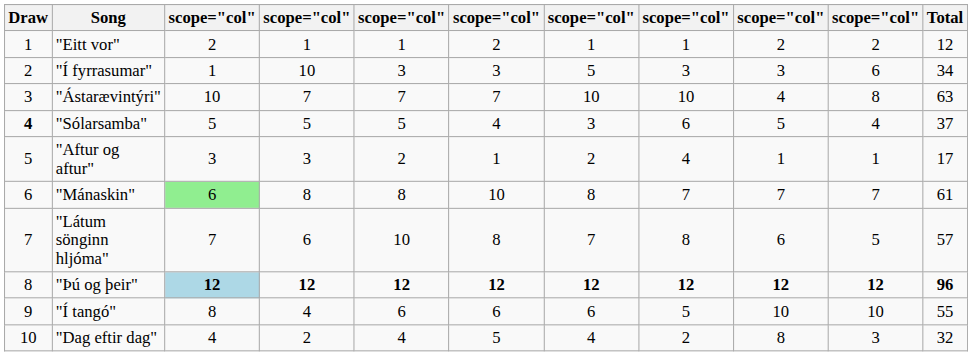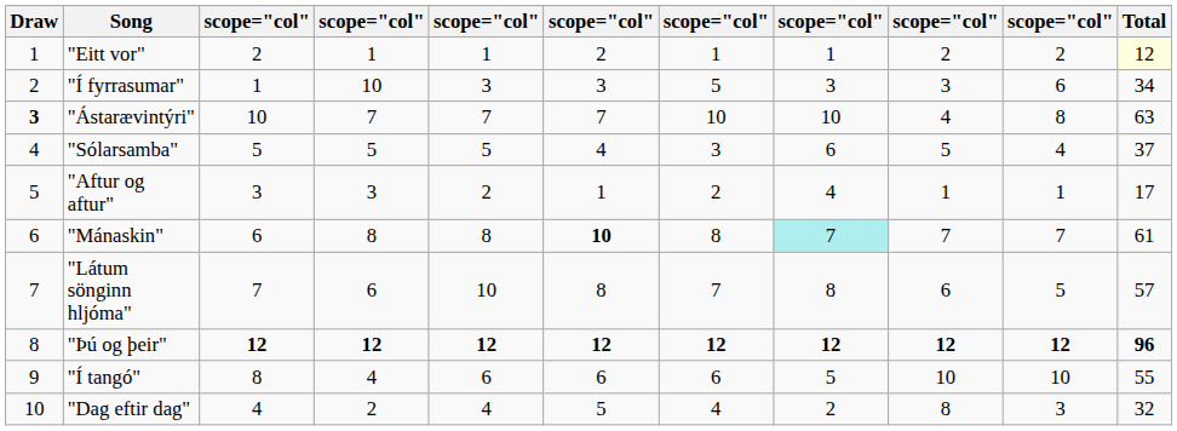 <table class="wikitable plainrowheaders" style="margin: 1em auto 1em auto; text-align:center;">
 <tr>
 </tr>
 <tr>
 <th scope="col">Draw</th>
 <th scope="col">Song</th>
 <th>scope="col" </th>
 <th>scope="col" </th>
 <th>scope="col" </th>
 <th>scope="col" </th>
 <th>scope="col" </th>
 <th>scope="col" </th>
 <th>scope="col" </th>
 <th>scope="col" </th>
 <th scope="col">Total</th>
 </tr>
 <tr --->
 <td>1</td>
 <td align="left">"Eitt vor"</td>
 <td>2</td>
 <td>1</td>
 <td>1</td>
 <td>2</td>
 <td>1</td>
 <td>1</td>
 <td>2</td>
 <td>2</td>
-<td>12</td>
+<td style="background: lightyellow;">12</td>
 </tr>
 <tr --->
 <td>2</td>
 <td align="left">"Í fyrrasumar"</td>
 <td>1</td>
 <td>10</td>
 <td>3</td>
 <td>3</td>
 <td>5</td>
 <td>3</td>
 <td>3</td>
 <td>6</td>
 <td>34</td>
 </tr>
 <tr --->
-<td>3</td>
+<td><strong>3</strong></td>
 <td align="left">"Ástarævintýri"</td>
 <td>10</td>
 <td>7</td>
 <td>7</td>
 <td>7</td>
 <td>10</td>
 <td>10</td>
 <td>4</td>
 <td>8</td>
 <td>63</td>
 </tr>
 <tr --->
-<td><strong>4</strong></td>
+<td>4</td>
 <td align="left">"Sólarsamba"</td>
 <td>5</td>
 <td>5</td>
 <td>5</td>
 <td>4</td>
 <td>3</td>
 <td>6</td>
 <td>5</td>
 <td>4</td>
 <td>37</td>
 </tr>
 <tr --->
 <td>5</td>
 <td align="left">"Aftur og aftur"</td>
 <td>3</td>
 <td>3</td>
 <td>2</td>
 <td>1</td>
 <td>2</td>
 <td>4</td>
 <td>1</td>
 <td>1</td>
 <td>17</td>
 </tr>
 <tr --->
 <td>6</td>
 <td align="left">"Mánaskin"</td>
-<td style="background: lightgreen;">6</td>
+<td>6</td>
 <td>8</td>
 <td>8</td>
-<td>10</td>
+<td><strong>10</strong></td>
 <td>8</td>
-<td>7</td>
+<td style="background: paleturquoise;">7</td>
 <td>7</td>
 <td>7</td>
 <td>61</td>
 </tr>
 <tr --->
 <td>7</td>
 <td align="left">"Látum sönginn hljóma"</td>
 <td>7</td>
 <td>6</td>
 <td>10</td>
 <td>8</td>
 <td>7</td>
 <td>8</td>
 <td>6</td>
 <td>5</td>
 <td>57</td>
 </tr>
 <tr --->
 <td>8</td>
 <td align="left">"Þú og þeir"</td>
-<td style="background: lightblue;"><strong>12</strong></td>
+<td><strong>12</strong></td>
 <td><strong>12</strong></td>
 <td><strong>12</strong></td>
 <td><strong>12</strong></td>
 <td><strong>12</strong></td>
 <td><strong>12</strong></td>
 <td><strong>12</strong></td>
 <td><strong>12</strong></td>
 <td><strong>96</strong></td>
 </tr>
 <tr --->
 <td>9</td>
 <td align="left">"Í tangó"</td>
 <td>8</td>
 <td>4</td>
 <td>6</td>
 <td>6</td>
 <td>6</td>
 <td>5</td>
 <td>10</td>
 <td>10</td>
 <td>55</td>
 </tr>
 <tr --->
 <td>10</td>
 <td align="left">"Dag eftir dag"</td>
 <td>4</td>
 <td>2</td>
 <td>4</td>
 <td>5</td>
 <td>4</td>
 <td>2</td>
 <td>8</td>
 <td>3</td>
 <td>32</td>
 </tr>
 </table>
